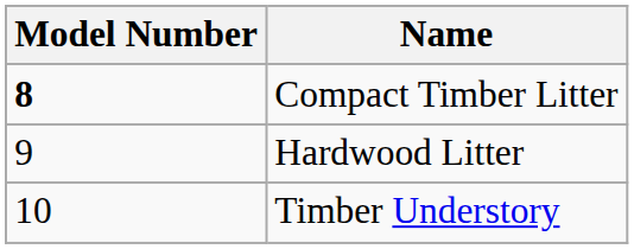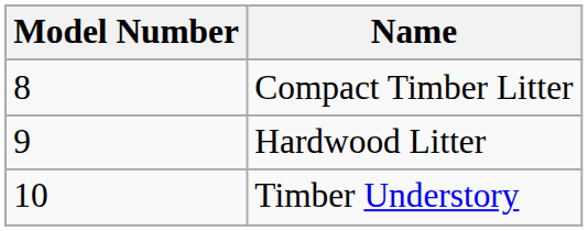 <table class="wikitable">
 <tr>
 <th>Model Number</th>
 <th>Name</th>
 </tr>
 <tr>
-<td><strong>8</strong></td>
+<td>8</td>
 <td>Compact Timber Litter</td>
 </tr>
 <tr>
 <td>9</td>
 <td>Hardwood Litter</td>
 </tr>
 <tr>
 <td>10</td>
 <td>Timber <a href='#'>Understory</a></td>
 </tr>
 </table>
